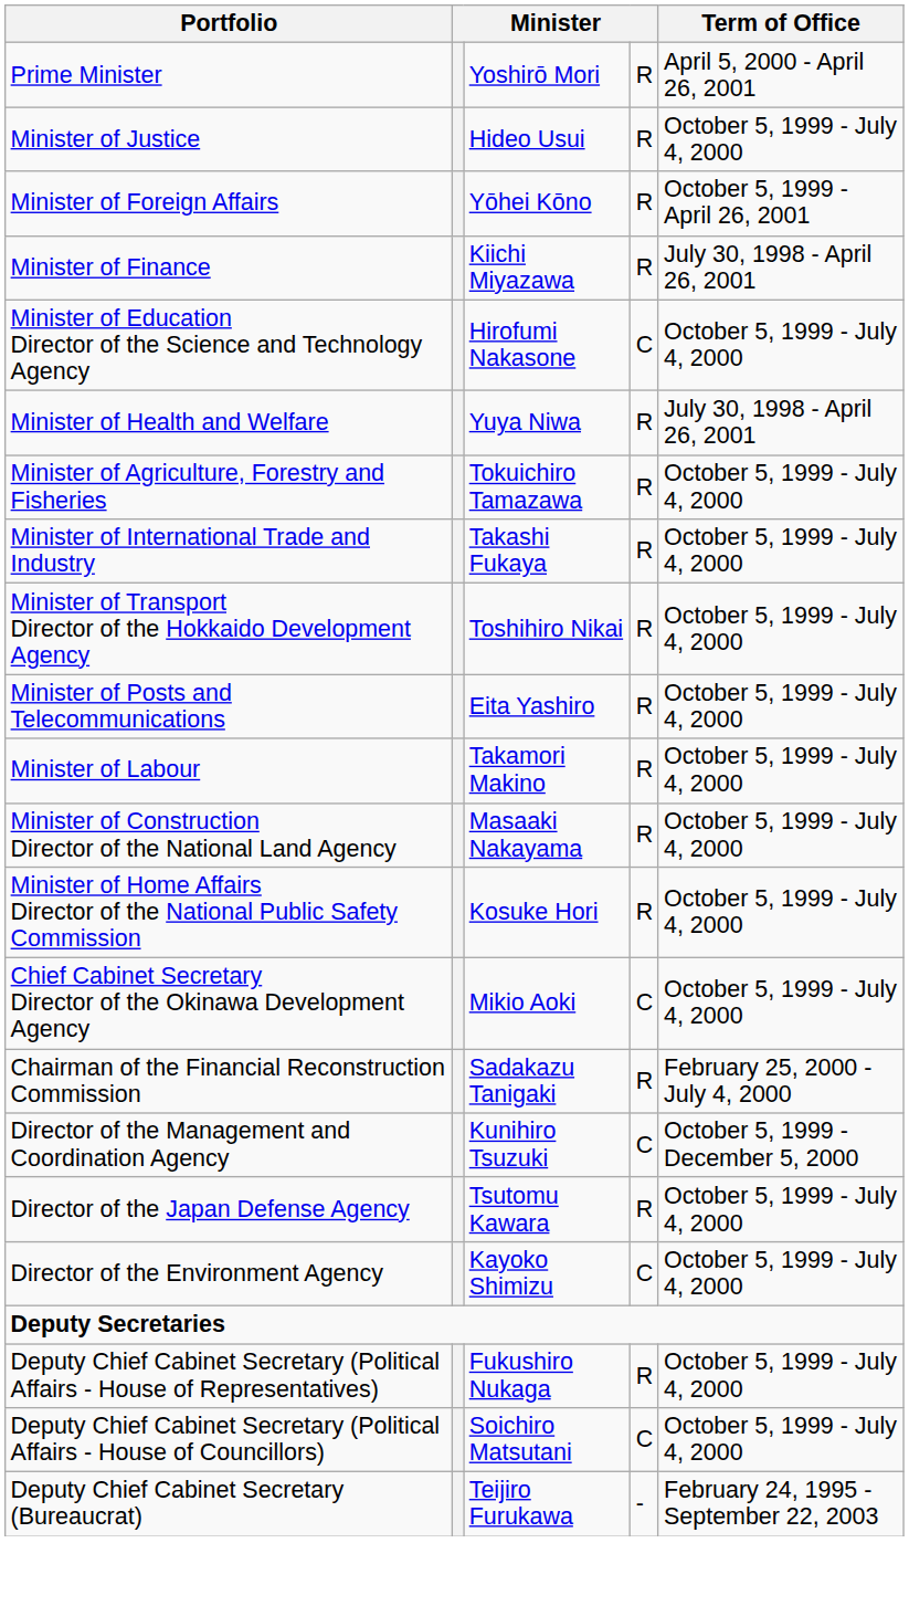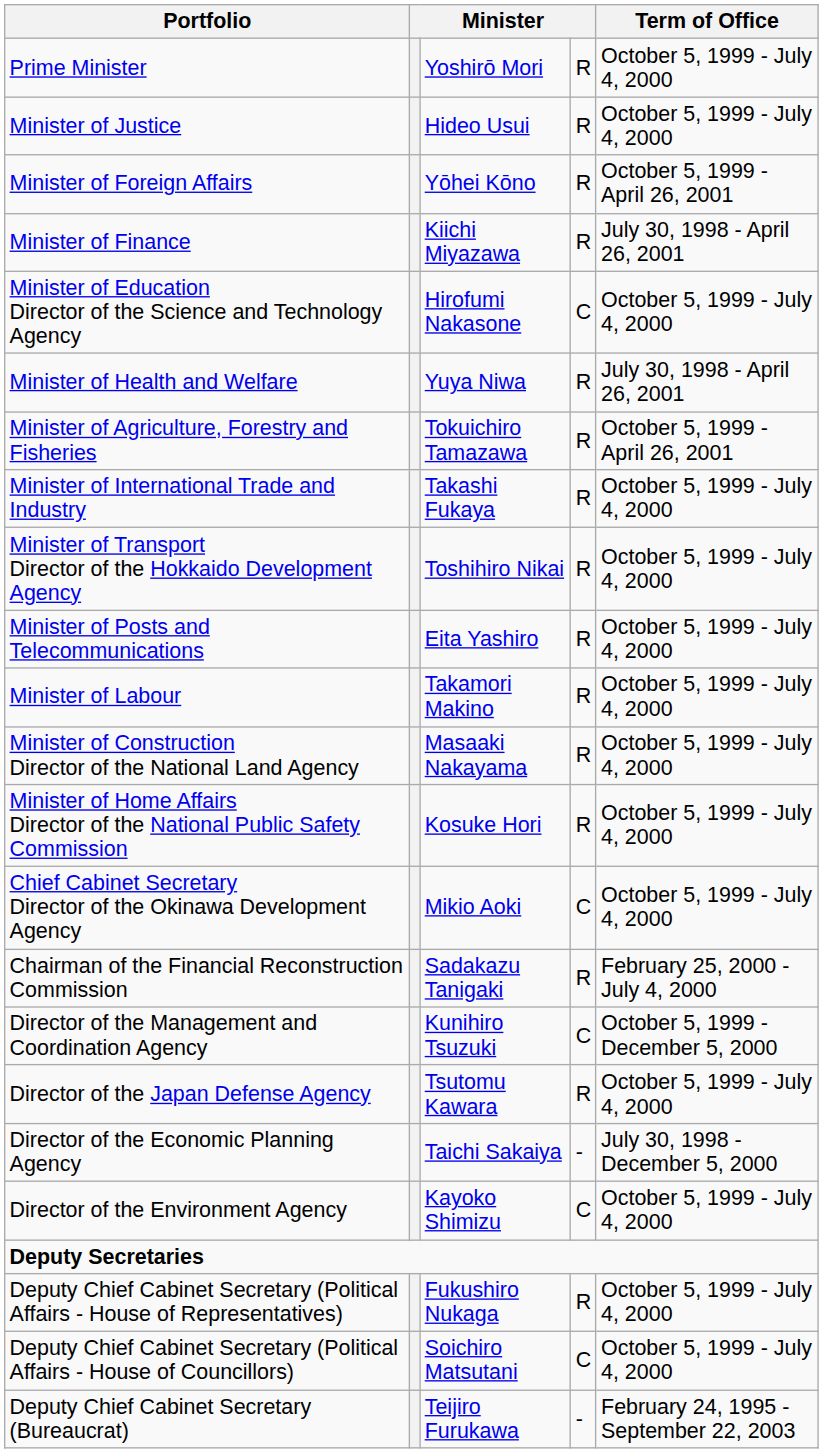 <table class="wikitable">
 <tr>
 <th>Portfolio</th>
 <th colspan=3>Minister</th>
 <th>Term of Office</th>
 </tr>
 <tr>
 <td><a href='#'>Prime Minister</a></td>
 <th style="color:inherit;background-color: "></th>
 <td><a href='#'>Yoshirō Mori</a></td>
 <td>R</td>
-<td>April 5, 2000 - April 26, 2001</td>
+<td>October 5, 1999 - July 4, 2000</td>
 </tr>
 <tr>
 <td><a href='#'>Minister of Justice</a></td>
 <th style="color:inherit;background-color: "></th>
 <td><a href='#'>Hideo Usui</a></td>
 <td>R</td>
 <td>October 5, 1999 - July 4, 2000</td>
 </tr>
 <tr>
 <td><a href='#'>Minister of Foreign Affairs</a></td>
 <th style="color:inherit;background-color: "></th>
 <td><a href='#'>Yōhei Kōno</a></td>
 <td>R</td>
 <td>October 5, 1999 - April 26, 2001</td>
 </tr>
 <tr>
 <td><a href='#'>Minister of Finance</a></td>
 <th style="color:inherit;background-color: "></th>
 <td><a href='#'>Kiichi Miyazawa</a></td>
 <td>R</td>
 <td>July 30, 1998 - April 26, 2001</td>
 </tr>
 <tr>
 <td><a href='#'>Minister of Education</a> <br>Director of the Science and Technology Agency</td>
 <th style="color:inherit;background-color: "></th>
 <td><a href='#'>Hirofumi Nakasone</a></td>
 <td>C</td>
 <td>October 5, 1999 - July 4, 2000</td>
 </tr>
 <tr>
 <td><a href='#'>Minister of Health and Welfare</a></td>
 <th style="color:inherit;background-color: "></th>
 <td><a href='#'>Yuya Niwa</a></td>
 <td>R</td>
 <td>July 30, 1998 - April 26, 2001</td>
 </tr>
 <tr>
 <td><a href='#'>Minister of Agriculture, Forestry and Fisheries</a></td>
 <th style="color:inherit;background-color: "></th>
 <td><a href='#'>Tokuichiro Tamazawa</a></td>
 <td>R</td>
-<td>October 5, 1999 - July 4, 2000</td>
+<td>October 5, 1999 - April 26, 2001</td>
 </tr>
 <tr>
 <td><a href='#'>Minister of International Trade and Industry</a></td>
 <th style="color:inherit;background-color: "></th>
 <td><a href='#'>Takashi Fukaya</a></td>
 <td>R</td>
 <td>October 5, 1999 - July 4, 2000</td>
 </tr>
 <tr>
 <td><a href='#'>Minister of Transport</a> <br>Director of the <a href='#'>Hokkaido Development Agency</a></td>
 <th style="color:inherit;background-color: "></th>
 <td><a href='#'>Toshihiro Nikai</a></td>
 <td>R</td>
 <td>October 5, 1999 - July 4, 2000</td>
 </tr>
 <tr>
 <td><a href='#'>Minister of Posts and Telecommunications</a></td>
 <th style="color:inherit;background-color: "></th>
 <td><a href='#'>Eita Yashiro</a></td>
 <td>R</td>
 <td>October 5, 1999 - July 4, 2000</td>
 </tr>
 <tr>
 <td><a href='#'>Minister of Labour</a></td>
 <th style="color:inherit;background-color: "></th>
 <td><a href='#'>Takamori Makino</a></td>
 <td>R</td>
 <td>October 5, 1999 - July 4, 2000</td>
 </tr>
 <tr>
 <td><a href='#'>Minister of Construction</a> <br>Director of the National Land Agency</td>
 <th style="color:inherit;background-color: "></th>
 <td><a href='#'>Masaaki Nakayama</a></td>
 <td>R</td>
 <td>October 5, 1999 - July 4, 2000</td>
 </tr>
 <tr>
 <td><a href='#'>Minister of Home Affairs</a> <br>Director of the <a href='#'>National Public Safety Commission</a></td>
 <th style="color:inherit;background-color: "></th>
 <td><a href='#'>Kosuke Hori</a></td>
 <td>R</td>
 <td>October 5, 1999 - July 4, 2000</td>
 </tr>
 <tr>
 <td><a href='#'>Chief Cabinet Secretary</a> <br>Director of the Okinawa Development Agency</td>
 <th style="color:inherit;background-color: "></th>
 <td><a href='#'>Mikio Aoki</a></td>
 <td>C</td>
 <td>October 5, 1999 - July 4, 2000</td>
 </tr>
 <tr>
 <td>Chairman of the Financial Reconstruction Commission</td>
 <th style="color:inherit;background-color: "></th>
 <td><a href='#'>Sadakazu Tanigaki</a></td>
 <td>R</td>
 <td>February 25, 2000 - July 4, 2000</td>
 </tr>
 <tr>
 <td>Director of the Management and Coordination Agency</td>
 <th style="color:inherit;background-color: "></th>
 <td><a href='#'>Kunihiro Tsuzuki</a></td>
 <td>C</td>
 <td>October 5, 1999 - December 5, 2000</td>
 </tr>
 <tr>
 <td>Director of the <a href='#'>Japan Defense Agency</a></td>
 <th style="color:inherit;background-color: "></th>
 <td><a href='#'>Tsutomu Kawara</a></td>
 <td>R</td>
 <td>October 5, 1999 - July 4, 2000</td>
 </tr>
 <tr>
+<td>Director of the Economic Planning Agency</td>
+<th style="color:inherit;background-color: "></th>
+<td><a href='#'>Taichi Sakaiya</a></td>
+<td>-</td>
+<td>July 30, 1998 - December 5, 2000</td>
+</tr>
+<tr>
 <td>Director of the Environment Agency</td>
 <th style="color:inherit;background-color: "></th>
 <td><a href='#'>Kayoko Shimizu</a></td>
 <td>C</td>
 <td>October 5, 1999 - July 4, 2000</td>
 </tr>
 <tr>
 <td colspan=5><strong>Deputy Secretaries</strong></td>
 </tr>
 <tr>
 <td>Deputy Chief Cabinet Secretary (Political Affairs - House of Representatives)</td>
 <th style="color:inherit;background-color: "></th>
 <td><a href='#'>Fukushiro Nukaga</a></td>
 <td>R</td>
 <td>October 5, 1999 - July 4, 2000</td>
 </tr>
 <tr>
 <td>Deputy Chief Cabinet Secretary (Political Affairs - House of Councillors)</td>
 <th style="color:inherit;background-color: "></th>
 <td><a href='#'>Soichiro Matsutani</a></td>
 <td>C</td>
 <td>October 5, 1999 - July 4, 2000</td>
 </tr>
 <tr>
 <td>Deputy Chief Cabinet Secretary (Bureaucrat)</td>
 <th style="color:inherit;background-color: "></th>
 <td><a href='#'>Teijiro Furukawa</a></td>
 <td>-</td>
 <td>February 24, 1995 - September 22, 2003</td>
 </tr>
 </table>
